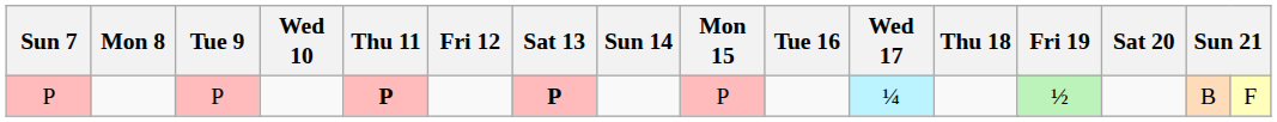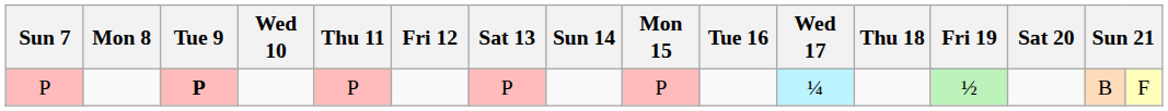 <table class="wikitable" style="margin:0.5em auto; font-size:90%; line-height:1.25em; text-align:center">
 <tr>
 <th width="45">Sun 7</th>
 <th width="45">Mon 8</th>
 <th width="45">Tue 9</th>
 <th width="45">Wed 10</th>
 <th width="45">Thu 11</th>
 <th width="45">Fri 12</th>
 <th width="45">Sat 13</th>
 <th width="45">Sun 14</th>
 <th width="45">Mon 15</th>
 <th width="45" colspan="2">Tue 16</th>
 <th width="45" colspan="2">Wed 17</th>
 <th width="45" colspan="2">Thu 18</th>
 <th width="45">Fri 19</th>
 <th width="45" colspan="2">Sat 20</th>
 <th width="45" colspan="2">Sun 21</th>
 </tr>
 <tr>
 <td bgcolor="#FFBBBB">P</td>
 <td></td>
+<td bgcolor="#FFBBBB"><strong>P</strong></td>
+<td></td>
 <td bgcolor="#FFBBBB">P</td>
 <td></td>
-<td bgcolor="#FFBBBB"><strong>P</strong></td>
-<td></td>
-<td bgcolor="#FFBBBB"><strong>P</strong></td>
+<td bgcolor="#FFBBBB">P</td>
 <td></td>
 <td bgcolor="#FFBBBB">P</td>
 <td colspan="2"></td>
 <td bgcolor="#BBF3FF" colspan="2">¼</td>
 <td colspan="2"></td>
 <td bgcolor="#BBF3BB">½</td>
 <td colspan="2"></td>
 <td bgcolor="#FEDCBA">B</td>
 <td bgcolor="#FFFFBB">F</td>
 </tr>
 </table>
